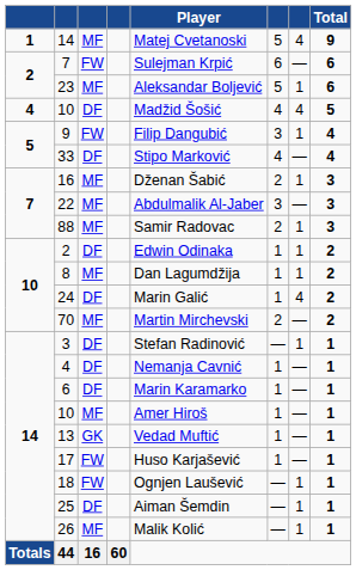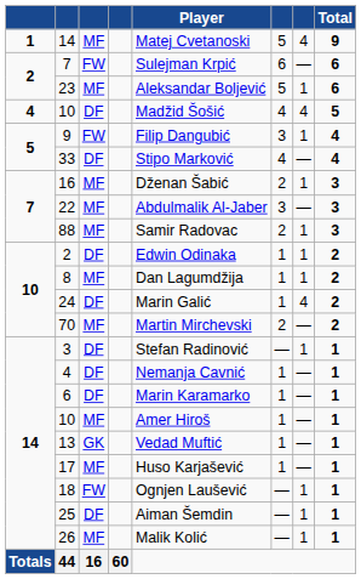 <table class="wikitable sortable" style="font-size: 95%; text-align: center;">
 <tr>
 <th style="background:#18488f; color:#FFFFFF; "></th>
 <th style="background:#18488f; color:#FFFFFF; "></th>
 <th style="background:#18488f; color:#FFFFFF; "></th>
 <th style="background:#18488f; color:#FFFFFF; "></th>
 <th style="background:#18488f; color:#FFFFFF; ">Player</th>
 <th style="background:#18488f; color:#FFFFFF; "></th>
 <th style="background:#18488f; color:#FFFFFF; "></th>
 <th style="background:#18488f; color:#FFFFFF; ">Total</th>
 </tr>
 <tr>
 <td><strong>1</strong></td>
 <td>14</td>
 <td><a href='#'>MF</a></td>
 <td></td>
 <td align=left><a href='#'>Matej Cvetanoski</a></td>
 <td>5</td>
 <td>4</td>
 <td><strong>9</strong></td>
 </tr>
 <tr>
 <td rowspan="2"><strong>2</strong></td>
 <td>7</td>
 <td><a href='#'>FW</a></td>
 <td></td>
 <td align=left><a href='#'>Sulejman Krpić</a></td>
 <td>6</td>
 <td>—</td>
 <td><strong>6</strong></td>
 </tr>
 <tr>
 <td>23</td>
 <td><a href='#'>MF</a></td>
 <td></td>
 <td align=left><a href='#'>Aleksandar Boljević</a></td>
 <td>5</td>
 <td>1</td>
 <td><strong>6</strong></td>
 </tr>
 <tr>
 <td><strong>4</strong></td>
 <td>10</td>
 <td><a href='#'>DF</a></td>
 <td></td>
 <td align=left><a href='#'>Madžid Šošić</a></td>
 <td>4</td>
 <td>4</td>
 <td><strong>5</strong></td>
 </tr>
 <tr>
 <td rowspan="2"><strong>5</strong></td>
 <td>9</td>
 <td><a href='#'>FW</a></td>
 <td></td>
 <td align=left><a href='#'>Filip Dangubić</a></td>
 <td>3</td>
 <td>1</td>
 <td><strong>4</strong></td>
 </tr>
 <tr>
 <td>33</td>
 <td><a href='#'>DF</a></td>
 <td></td>
 <td align=left><a href='#'>Stipo Marković</a></td>
 <td>4</td>
 <td>—</td>
 <td><strong>4</strong></td>
 </tr>
 <tr>
 <td rowspan="3"><strong>7</strong></td>
 <td>16</td>
 <td><a href='#'>MF</a></td>
 <td></td>
 <td align=left>Dženan Šabić</td>
 <td>2</td>
 <td>1</td>
 <td><strong>3</strong></td>
 </tr>
 <tr>
 <td>22</td>
 <td><a href='#'>MF</a></td>
 <td></td>
 <td align=left><a href='#'>Abdulmalik Al-Jaber</a></td>
 <td>3</td>
 <td>—</td>
 <td><strong>3</strong></td>
 </tr>
 <tr>
 <td>88</td>
 <td><a href='#'>MF</a></td>
 <td></td>
 <td align=left>Samir Radovac</td>
 <td>2</td>
 <td>1</td>
 <td><strong>3</strong></td>
 </tr>
 <tr>
 <td rowspan="4"><strong>10</strong></td>
 <td>2</td>
 <td><a href='#'>DF</a></td>
 <td></td>
 <td align=left><a href='#'>Edwin Odinaka</a></td>
 <td>1</td>
 <td>1</td>
 <td><strong>2</strong></td>
 </tr>
 <tr>
 <td>8</td>
 <td><a href='#'>MF</a></td>
 <td></td>
 <td align=left>Dan Lagumdžija</td>
 <td>1</td>
 <td>1</td>
 <td><strong>2</strong></td>
 </tr>
 <tr>
 <td>24</td>
 <td><a href='#'>DF</a></td>
 <td></td>
 <td align=left>Marin Galić</td>
 <td>1</td>
 <td>4</td>
 <td><strong>2</strong></td>
 </tr>
 <tr>
 <td>70</td>
 <td><a href='#'>MF</a></td>
 <td></td>
 <td align=left><a href='#'>Martin Mirchevski</a></td>
 <td>2</td>
 <td>—</td>
 <td><strong>2</strong></td>
 </tr>
 <tr>
 <td rowspan="9"><strong>14</strong></td>
 <td>3</td>
 <td><a href='#'>DF</a></td>
 <td></td>
 <td align=left>Stefan Radinović</td>
 <td>—</td>
 <td>1</td>
 <td><strong>1</strong></td>
 </tr>
 <tr>
 <td>4</td>
 <td><a href='#'>DF</a></td>
 <td></td>
 <td align=left><a href='#'>Nemanja Cavnić</a></td>
 <td>1</td>
 <td>—</td>
 <td><strong>1</strong></td>
 </tr>
 <tr>
 <td>6</td>
 <td><a href='#'>DF</a></td>
 <td></td>
 <td align=left><a href='#'>Marin Karamarko</a></td>
 <td>1</td>
 <td>—</td>
 <td><strong>1</strong></td>
 </tr>
 <tr>
 <td>10</td>
 <td><a href='#'>MF</a></td>
 <td></td>
 <td align=left><a href='#'>Amer Hiroš</a></td>
 <td>1</td>
 <td>—</td>
 <td><strong>1</strong></td>
 </tr>
 <tr>
 <td>13</td>
 <td><a href='#'>GK</a></td>
 <td></td>
 <td align=left><a href='#'>Vedad Muftić</a></td>
 <td>1</td>
 <td>—</td>
 <td><strong>1</strong></td>
 </tr>
 <tr>
 <td>17</td>
-<td><a href='#'>FW</a></td>
+<td><a href='#'>MF</a></td>
 <td></td>
 <td align=left>Huso Karjašević</td>
 <td>1</td>
 <td>—</td>
 <td><strong>1</strong></td>
 </tr>
 <tr>
 <td>18</td>
 <td><a href='#'>FW</a></td>
 <td></td>
 <td align=left>Ognjen Laušević</td>
 <td>—</td>
 <td>1</td>
 <td><strong>1</strong></td>
 </tr>
 <tr>
 <td>25</td>
 <td><a href='#'>DF</a></td>
 <td></td>
 <td align=left>Aiman Šemdin</td>
 <td>—</td>
 <td>1</td>
 <td><strong>1</strong></td>
 </tr>
 <tr>
 <td>26</td>
 <td><a href='#'>MF</a></td>
 <td></td>
 <td align=left>Malik Kolić</td>
 <td>—</td>
 <td>1</td>
 <td><strong>1</strong></td>
 </tr>
 <tr>
 <th style="background:#18488f; color:#FFFFFF; "><strong>Totals</strong></th>
 <th>44 </th>
 <th>16 </th>
 <th>60 </th>
 </tr>
 </table>
